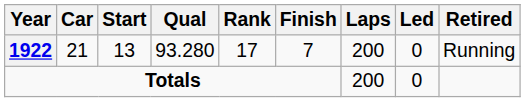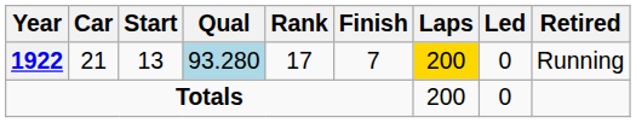 <table class="wikitable" style="text-align:center">
 <tr>
 <th>Year</th>
 <th>Car</th>
 <th>Start</th>
 <th>Qual</th>
 <th>Rank</th>
 <th>Finish</th>
 <th>Laps</th>
 <th>Led</th>
 <th>Retired</th>
 </tr>
 <tr>
 <th><a href='#'>1922</a></th>
 <td>21</td>
 <td>13</td>
-<td>93.280</td>
+<td style="background: lightblue;">93.280</td>
 <td>17</td>
 <td>7</td>
-<td>200</td>
+<td style="background: gold;">200</td>
 <td>0</td>
 <td>Running</td>
 </tr>
 <tr>
 <td colspan=6><strong>Totals</strong></td>
 <td>200</td>
 <td>0</td>
 <td></td>
 </tr>
 </table>
